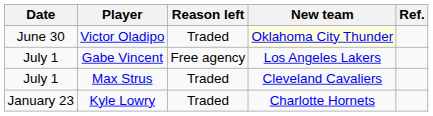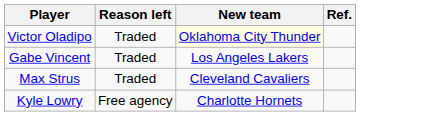 <table class="wikitable sortable sortable" style="text-align: center">
 <tr>
-<th>Date</th>
 <th>Player</th>
 <th>Reason left</th>
 <th>New team</th>
 <th>Ref.</th>
 </tr>
 <tr>
-<td>June 30</td>
 <td><a href='#'>Victor Oladipo</a></td>
 <td>Traded</td>
 <td style="background: lightyellow;"><a href='#'>Oklahoma City Thunder</a></td>
 <td></td>
 </tr>
 <tr>
-<td>July 1</td>
 <td><a href='#'>Gabe Vincent</a></td>
-<td>Free agency</td>
+<td>Traded</td>
 <td><a href='#'>Los Angeles Lakers</a></td>
 <td></td>
 </tr>
 <tr>
-<td>July 1</td>
 <td><a href='#'>Max Strus</a></td>
 <td>Traded</td>
 <td><a href='#'>Cleveland Cavaliers</a></td>
 <td></td>
 </tr>
 <tr>
-<td>January 23</td>
 <td><a href='#'>Kyle Lowry</a></td>
-<td>Traded</td>
+<td>Free agency</td>
 <td><a href='#'>Charlotte Hornets</a></td>
 <td></td>
 </tr>
 </table>
